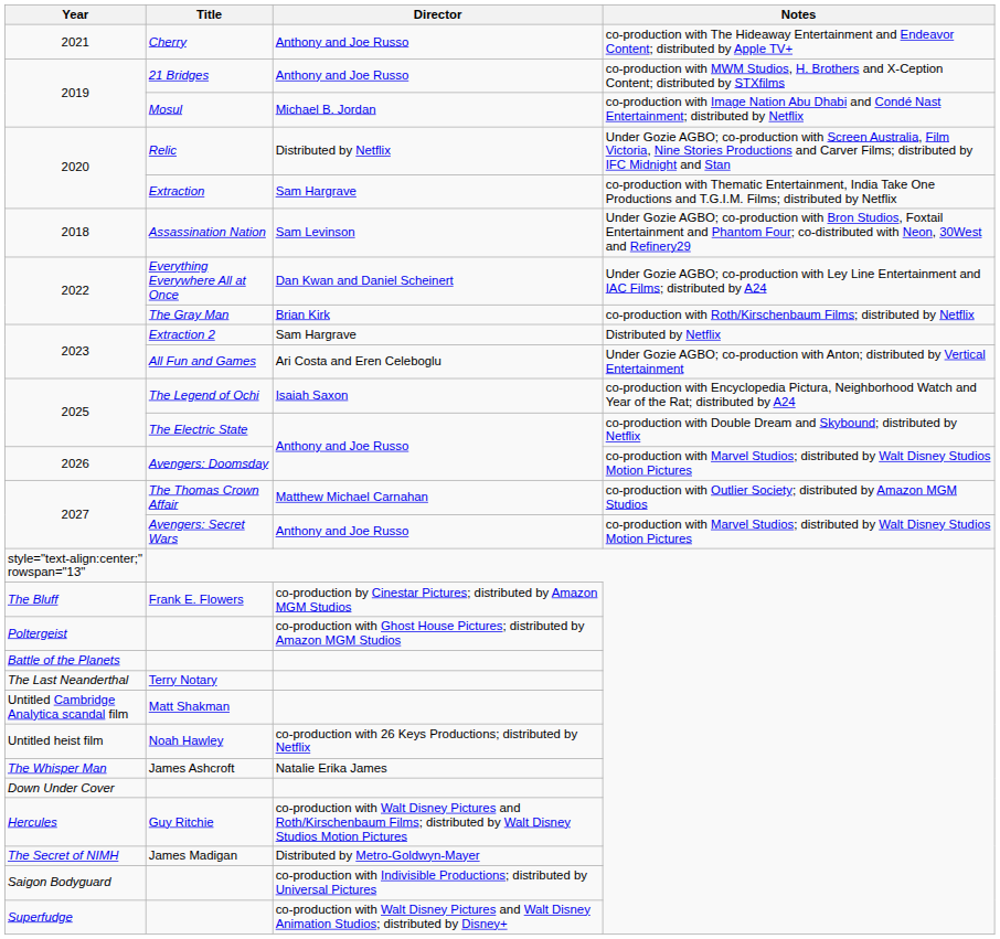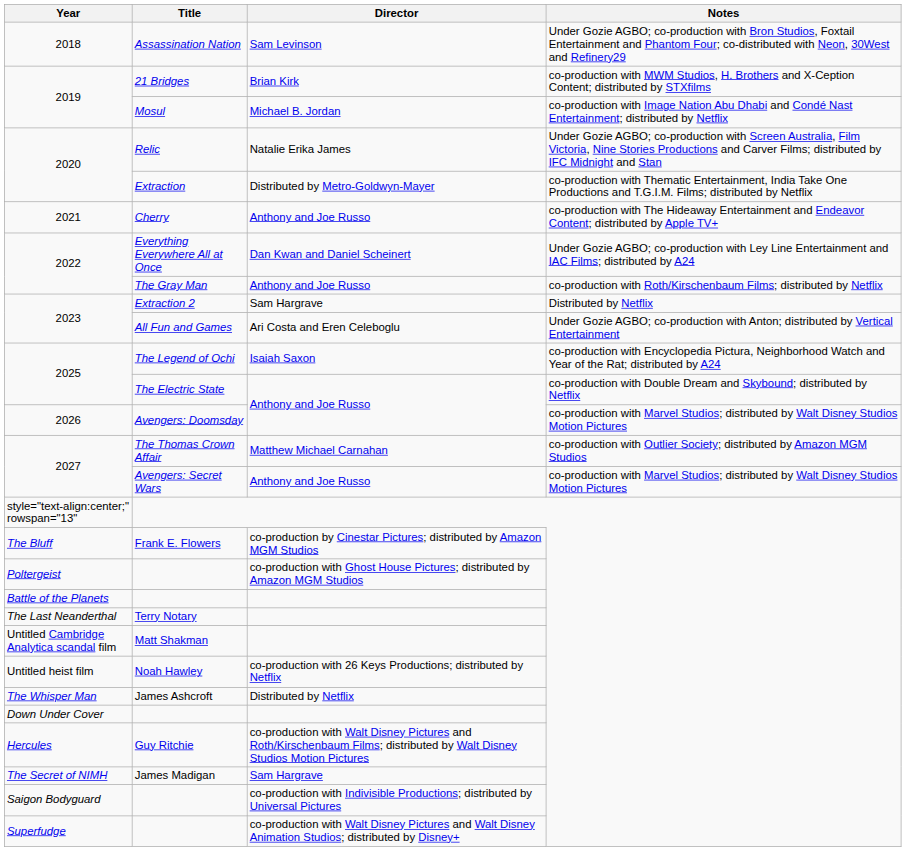 <table class="wikitable sortable" style="width: 100%">
 <tr>
 <th>Year</th>
 <th>Title</th>
 <th>Director</th>
 <th>Notes</th>
 </tr>
 <tr>
-<td style="text-align:center;">2021</td>
-<td><em><a href='#'>Cherry</a></em></td>
-<td><a href='#'>Anthony and Joe Russo</a></td>
-<td>co-production with The Hideaway Entertainment and <a href='#'>Endeavor Content</a>; distributed by <a href='#'>Apple TV+</a></td>
+<td style="text-align:center;">2018</td>
+<td><em><a href='#'>Assassination Nation</a></em></td>
+<td><a href='#'>Sam Levinson</a></td>
+<td>Under Gozie AGBO; co-production with <a href='#'>Bron Studios</a>, Foxtail Entertainment and <a href='#'>Phantom Four</a>; co-distributed with <a href='#'>Neon</a>, <a href='#'>30West</a> and <a href='#'>Refinery29</a></td>
 </tr>
 <tr>
 <td style="text-align:center;" rowspan="2">2019</td>
 <td><em><a href='#'>21 Bridges</a></em></td>
-<td><a href='#'>Anthony and Joe Russo</a></td>
+<td><a href='#'>Brian Kirk</a></td>
 <td>co-production with <a href='#'>MWM Studios</a>, <a href='#'>H. Brothers</a> and X-Ception Content; distributed by <a href='#'>STXfilms</a></td>
 </tr>
 <tr>
 <td><em><a href='#'>Mosul</a></em></td>
 <td><a href='#'>Michael B. Jordan</a></td>
 <td>co-production with <a href='#'>Image Nation Abu Dhabi</a> and <a href='#'>Condé Nast Entertainment</a>; distributed by <a href='#'>Netflix</a></td>
 </tr>
 <tr>
 <td style="text-align:center;" rowspan="2">2020</td>
 <td><em><a href='#'>Relic</a></em></td>
-<td>Distributed by <a href='#'>Netflix</a></td>
+<td>Natalie Erika James</td>
 <td>Under Gozie AGBO; co-production with <a href='#'>Screen Australia</a>, <a href='#'>Film Victoria</a>, <a href='#'>Nine Stories Productions</a> and Carver Films; distributed by <a href='#'>IFC Midnight</a> and <a href='#'>Stan</a></td>
 </tr>
 <tr>
 <td><em><a href='#'>Extraction</a></em></td>
-<td><a href='#'>Sam Hargrave</a></td>
+<td>Distributed by <a href='#'>Metro-Goldwyn-Mayer</a></td>
 <td>co-production with Thematic Entertainment, India Take One Productions and T.G.I.M. Films; distributed by Netflix</td>
 </tr>
 <tr>
-<td style="text-align:center;">2018</td>
-<td><em><a href='#'>Assassination Nation</a></em></td>
-<td><a href='#'>Sam Levinson</a></td>
-<td>Under Gozie AGBO; co-production with <a href='#'>Bron Studios</a>, Foxtail Entertainment and <a href='#'>Phantom Four</a>; co-distributed with <a href='#'>Neon</a>, <a href='#'>30West</a> and <a href='#'>Refinery29</a></td>
+<td style="text-align:center;">2021</td>
+<td><em><a href='#'>Cherry</a></em></td>
+<td><a href='#'>Anthony and Joe Russo</a></td>
+<td>co-production with The Hideaway Entertainment and <a href='#'>Endeavor Content</a>; distributed by <a href='#'>Apple TV+</a></td>
 </tr>
 <tr>
 <td style="text-align:center;" rowspan="2">2022</td>
 <td><em><a href='#'>Everything Everywhere All at Once</a></em></td>
 <td><a href='#'>Dan Kwan and Daniel Scheinert</a></td>
 <td>Under Gozie AGBO; co-production with Ley Line Entertainment and <a href='#'>IAC Films</a>; distributed by <a href='#'>A24</a></td>
 </tr>
 <tr>
 <td><em><a href='#'>The Gray Man</a></em></td>
-<td><a href='#'>Brian Kirk</a></td>
+<td><a href='#'>Anthony and Joe Russo</a></td>
 <td>co-production with <a href='#'>Roth/Kirschenbaum Films</a>; distributed by <a href='#'>Netflix</a></td>
 </tr>
 <tr>
 <td style="text-align:center;" rowspan="2">2023</td>
 <td><em><a href='#'>Extraction 2</a></em></td>
 <td>Sam Hargrave</td>
 <td>Distributed by <a href='#'>Netflix</a></td>
 </tr>
 <tr>
 <td><em><a href='#'>All Fun and Games</a></em></td>
 <td>Ari Costa and Eren Celeboglu</td>
 <td>Under Gozie AGBO; co-production with Anton; distributed by <a href='#'>Vertical Entertainment</a></td>
 </tr>
 <tr>
 <td style="text-align:center;" rowspan="2">2025</td>
 <td><em><a href='#'>The Legend of Ochi</a></em></td>
 <td><a href='#'>Isaiah Saxon</a></td>
 <td>co-production with Encyclopedia Pictura, Neighborhood Watch and Year of the Rat; distributed by <a href='#'>A24</a></td>
 </tr>
 <tr>
 <td><em><a href='#'>The Electric State</a></em></td>
 <td rowspan="2"><a href='#'>Anthony and Joe Russo</a></td>
 <td>co-production with Double Dream and <a href='#'>Skybound</a>; distributed by <a href='#'>Netflix</a></td>
 </tr>
 <tr>
 <td style="text-align:center;">2026</td>
 <td><em><a href='#'>Avengers: Doomsday</a></em></td>
 <td>co-production with <a href='#'>Marvel Studios</a>; distributed by <a href='#'>Walt Disney Studios Motion Pictures</a></td>
 </tr>
 <tr>
 <td style="text-align:center;" rowspan="2">2027</td>
 <td><em><a href='#'>The Thomas Crown Affair</a></em></td>
 <td><a href='#'>Matthew Michael Carnahan</a></td>
 <td>co-production with <a href='#'>Outlier Society</a>; distributed by <a href='#'>Amazon MGM Studios</a></td>
 </tr>
 <tr>
 <td><em><a href='#'>Avengers: Secret Wars</a></em></td>
 <td><a href='#'>Anthony and Joe Russo</a></td>
 <td>co-production with <a href='#'>Marvel Studios</a>; distributed by <a href='#'>Walt Disney Studios Motion Pictures</a></td>
 </tr>
 <tr>
 <td>style="text-align:center;" rowspan="13" </td>
 </tr>
 <tr>
 <td><em><a href='#'>The Bluff</a></em></td>
 <td><a href='#'>Frank E. Flowers</a></td>
 <td>co-production by <a href='#'>Cinestar Pictures</a>; distributed by <a href='#'>Amazon MGM Studios</a></td>
 </tr>
 <tr>
 <td><em><a href='#'>Poltergeist</a></em></td>
 <td></td>
 <td>co-production with <a href='#'>Ghost House Pictures</a>; distributed by <a href='#'>Amazon MGM Studios</a></td>
 </tr>
 <tr>
 <td><em><a href='#'>Battle of the Planets</a></em></td>
 <td></td>
 <td></td>
 </tr>
 <tr>
 <td><em>The Last Neanderthal</em></td>
 <td><a href='#'>Terry Notary</a></td>
 <td></td>
 </tr>
 <tr>
 <td>Untitled <a href='#'>Cambridge Analytica scandal</a> film</td>
 <td><a href='#'>Matt Shakman</a></td>
 <td></td>
 </tr>
 <tr>
 <td>Untitled heist film</td>
 <td><a href='#'>Noah Hawley</a></td>
 <td>co-production with 26 Keys Productions; distributed by <a href='#'>Netflix</a></td>
 </tr>
 <tr>
 <td><em><a href='#'>The Whisper Man</a></em></td>
 <td>James Ashcroft</td>
-<td>Natalie Erika James</td>
+<td>Distributed by <a href='#'>Netflix</a></td>
 </tr>
 <tr>
 <td><em>Down Under Cover</em></td>
 <td></td>
 <td></td>
 </tr>
 <tr>
 <td><em><a href='#'>Hercules</a></em></td>
 <td><a href='#'>Guy Ritchie</a></td>
 <td>co-production with <a href='#'>Walt Disney Pictures</a> and <a href='#'>Roth/Kirschenbaum Films</a>; distributed by <a href='#'>Walt Disney Studios Motion Pictures</a></td>
 </tr>
 <tr>
 <td><em><a href='#'>The Secret of NIMH</a></em></td>
 <td>James Madigan</td>
-<td>Distributed by <a href='#'>Metro-Goldwyn-Mayer</a></td>
+<td><a href='#'>Sam Hargrave</a></td>
 </tr>
 <tr>
 <td><em>Saigon Bodyguard</em></td>
 <td></td>
 <td>co-production with <a href='#'>Indivisible Productions</a>; distributed by <a href='#'>Universal Pictures</a></td>
 </tr>
 <tr>
 <td><em><a href='#'>Superfudge</a></em></td>
 <td></td>
 <td>co-production with <a href='#'>Walt Disney Pictures</a> and <a href='#'>Walt Disney Animation Studios</a>; distributed by <a href='#'>Disney+</a></td>
 </tr>
 </table>
